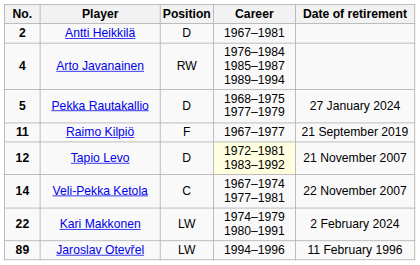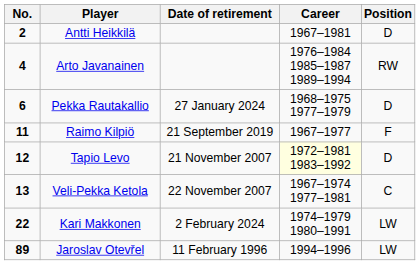 <table class="wikitable sortable" style="text-align:center;">
 <tr>
 <th width="40px">No.</th>
 <th width="150px">Player</th>
+<th width="150px">Date of retirement</th>
+<th width="100px">Career</th>
 <th width="40px">Position</th>
-<th width="100px">Career</th>
-<th width="150px">Date of retirement</th>
 </tr>
 <tr>
 <td><strong>2</strong></td>
 <td><a href='#'>Antti Heikkilä</a></td>
+<td></td>
+<td>1967–1981</td>
 <td>D</td>
-<td>1967–1981</td>
-<td></td>
 </tr>
 <tr>
 <td><strong>4</strong></td>
 <td><a href='#'>Arto Javanainen</a></td>
+<td></td>
+<td>1976–1984<br>1985–1987 1989–1994</td>
 <td>RW</td>
-<td>1976–1984<br>1985–1987 1989–1994</td>
-<td></td>
 </tr>
 <tr>
-<td><strong>5</strong></td>
+<td><strong>6</strong></td>
 <td><a href='#'>Pekka Rautakallio</a></td>
+<td>27 January 2024</td>
+<td>1968–1975<br>1977–1979</td>
 <td>D</td>
-<td>1968–1975<br>1977–1979</td>
-<td>27 January 2024</td>
 </tr>
 <tr>
 <td><strong>11</strong></td>
 <td><a href='#'>Raimo Kilpiö</a></td>
+<td>21 September 2019</td>
+<td>1967–1977</td>
 <td>F</td>
-<td>1967–1977</td>
-<td>21 September 2019</td>
 </tr>
 <tr>
 <td><strong>12</strong></td>
 <td><a href='#'>Tapio Levo</a></td>
+<td>21 November 2007</td>
+<td style="background: lightyellow;">1972–1981<br>1983–1992</td>
 <td>D</td>
-<td style="background: lightyellow;">1972–1981<br>1983–1992</td>
-<td>21 November 2007</td>
 </tr>
 <tr>
-<td><strong>14</strong> </td>
+<td><strong>13</strong> </td>
 <td><a href='#'>Veli-Pekka Ketola</a></td>
+<td>22 November 2007</td>
+<td>1967–1974<br>1977–1981</td>
 <td>C</td>
-<td>1967–1974<br>1977–1981</td>
-<td>22 November 2007</td>
 </tr>
 <tr>
 <td><strong>22</strong></td>
 <td><a href='#'>Kari Makkonen</a></td>
+<td>2 February 2024</td>
+<td>1974–1979<br>1980–1991</td>
 <td>LW</td>
-<td>1974–1979<br>1980–1991</td>
-<td>2 February 2024</td>
 </tr>
 <tr>
 <td><strong>89</strong></td>
 <td><a href='#'>Jaroslav Otevřel</a></td>
+<td>11 February 1996</td>
+<td>1994–1996</td>
 <td>LW</td>
-<td>1994–1996</td>
-<td>11 February 1996</td>
 </tr>
 </table>
